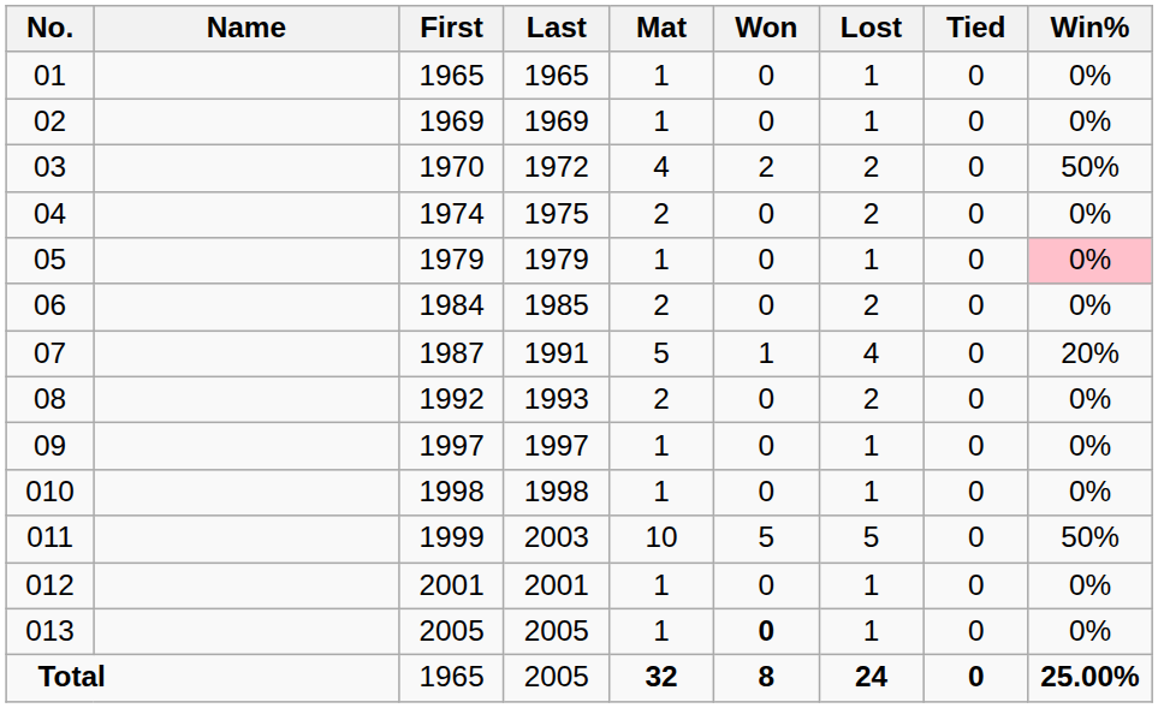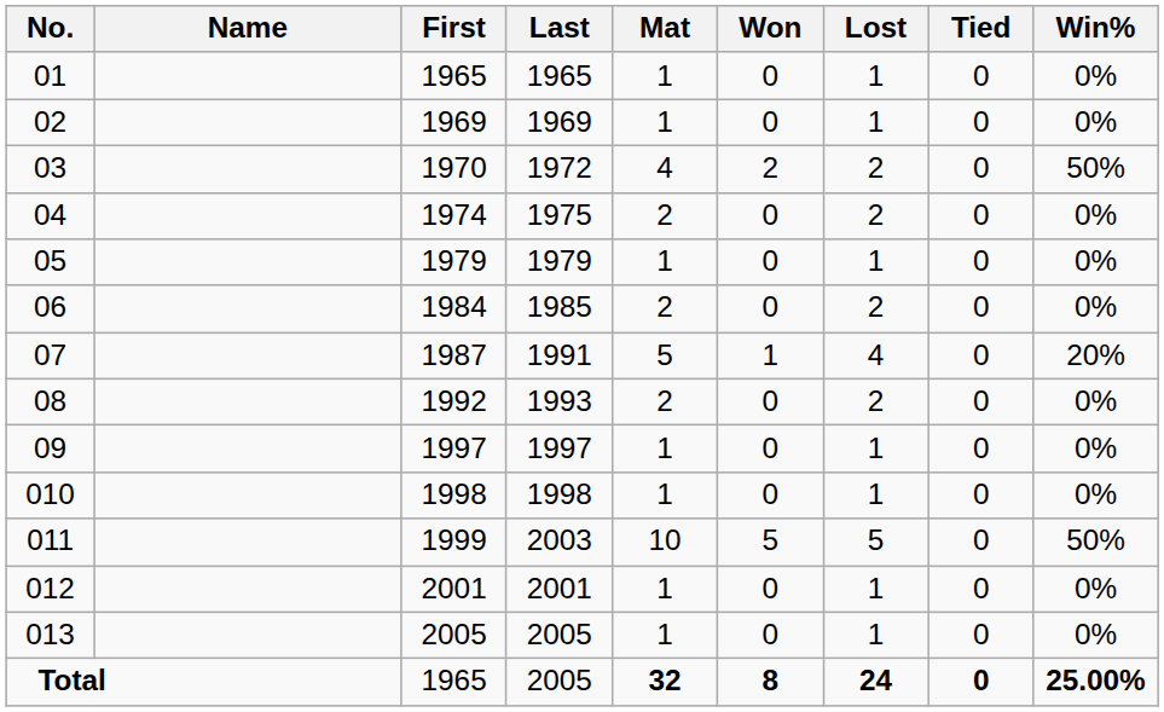 <table class="wikitable sortable" style="margin: 1em auto 1em auto">
 <tr>
 <th width="40">No.</th>
 <th width="160">Name</th>
 <th width="50">First</th>
 <th width="50">Last</th>
 <th width="50">Mat</th>
 <th width="50">Won</th>
 <th width="50">Lost</th>
 <th width="50">Tied</th>
 <th width="60">Win%</th>
 </tr>
 <tr align=center>
 <td><span>0</span>1</td>
 <td align=left></td>
 <td>1965</td>
 <td>1965</td>
 <td>1</td>
 <td>0</td>
 <td>1</td>
 <td>0</td>
 <td>0%</td>
 </tr>
 <tr align=center>
 <td><span>0</span>2</td>
 <td align=left></td>
 <td>1969</td>
 <td>1969</td>
 <td>1</td>
 <td>0</td>
 <td>1</td>
 <td>0</td>
 <td>0%</td>
 </tr>
 <tr align=center>
 <td><span>0</span>3</td>
 <td align=left></td>
 <td>1970</td>
 <td>1972</td>
 <td>4</td>
 <td>2</td>
 <td>2</td>
 <td>0</td>
 <td>50%</td>
 </tr>
 <tr align=center>
 <td><span>0</span>4</td>
 <td align=left></td>
 <td>1974</td>
 <td>1975</td>
 <td>2</td>
 <td>0</td>
 <td>2</td>
 <td>0</td>
 <td>0%</td>
 </tr>
 <tr align=center>
 <td><span>0</span>5</td>
 <td align=left></td>
 <td>1979</td>
 <td>1979</td>
 <td>1</td>
 <td>0</td>
 <td>1</td>
 <td>0</td>
-<td style="background: pink;">0%</td>
+<td>0%</td>
 </tr>
 <tr align=center>
 <td><span>0</span>6</td>
 <td align=left></td>
 <td>1984</td>
 <td>1985</td>
 <td>2</td>
 <td>0</td>
 <td>2</td>
 <td>0</td>
 <td>0%</td>
 </tr>
 <tr align=center>
 <td><span>0</span>7</td>
 <td align=left></td>
 <td>1987</td>
 <td>1991</td>
 <td>5</td>
 <td>1</td>
 <td>4</td>
 <td>0</td>
 <td>20%</td>
 </tr>
 <tr align=center>
 <td><span>0</span>8</td>
 <td align=left></td>
 <td>1992</td>
 <td>1993</td>
 <td>2</td>
 <td>0</td>
 <td>2</td>
 <td>0</td>
 <td>0%</td>
 </tr>
 <tr align=center>
 <td><span>0</span>9</td>
 <td align=left></td>
 <td>1997</td>
 <td>1997</td>
 <td>1</td>
 <td>0</td>
 <td>1</td>
 <td>0</td>
 <td>0%</td>
 </tr>
 <tr align=center>
 <td><span>0</span>10</td>
 <td align=left></td>
 <td>1998</td>
 <td>1998</td>
 <td>1</td>
 <td>0</td>
 <td>1</td>
 <td>0</td>
 <td>0%</td>
 </tr>
 <tr align=center>
 <td><span>0</span>11</td>
 <td align=left></td>
 <td>1999</td>
 <td>2003</td>
 <td>10</td>
 <td>5</td>
 <td>5</td>
 <td>0</td>
 <td>50%</td>
 </tr>
 <tr align=center>
 <td><span>0</span>12</td>
 <td align=left></td>
 <td>2001</td>
 <td>2001</td>
 <td>1</td>
 <td>0</td>
 <td>1</td>
 <td>0</td>
 <td>0%</td>
 </tr>
 <tr align=center>
 <td><span>0</span>13</td>
 <td align=left></td>
 <td>2005</td>
 <td>2005</td>
 <td>1</td>
-<td><strong>0</strong></td>
+<td>0</td>
 <td>1</td>
 <td>0</td>
 <td>0%</td>
 </tr>
 <tr class="sortbottom" align=center>
 <td colspan=2 align=left><strong>   Total</strong></td>
 <td>1965</td>
 <td>2005</td>
 <td><strong>32</strong></td>
 <td><strong>8</strong></td>
 <td><strong>24</strong></td>
 <td><strong>0</strong></td>
 <td><strong>25.00%</strong></td>
 </tr>
 </table>
